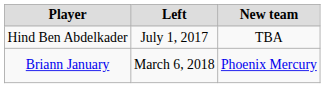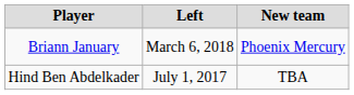 <table class="wikitable" style="text-align: center">
 <tr align="center"  bgcolor="#dddddd">
 <td><strong>Player</strong></td>
 <td><strong>Left</strong></td>
 <td><strong>New team</strong></td>
 </tr>
+<tr style="height:40px">
+<td><a href='#'>Briann January</a></td>
+<td>March 6, 2018</td>
+<td><a href='#'>Phoenix Mercury</a></td>
+</tr>
 <tr>
 <td>Hind Ben Abdelkader</td>
 <td>July 1, 2017</td>
 <td>TBA</td>
 </tr>
-<tr style="height:40px">
-<td><a href='#'>Briann January</a></td>
-<td>March 6, 2018</td>
-<td><a href='#'>Phoenix Mercury</a></td>
-</tr>
 </table>
